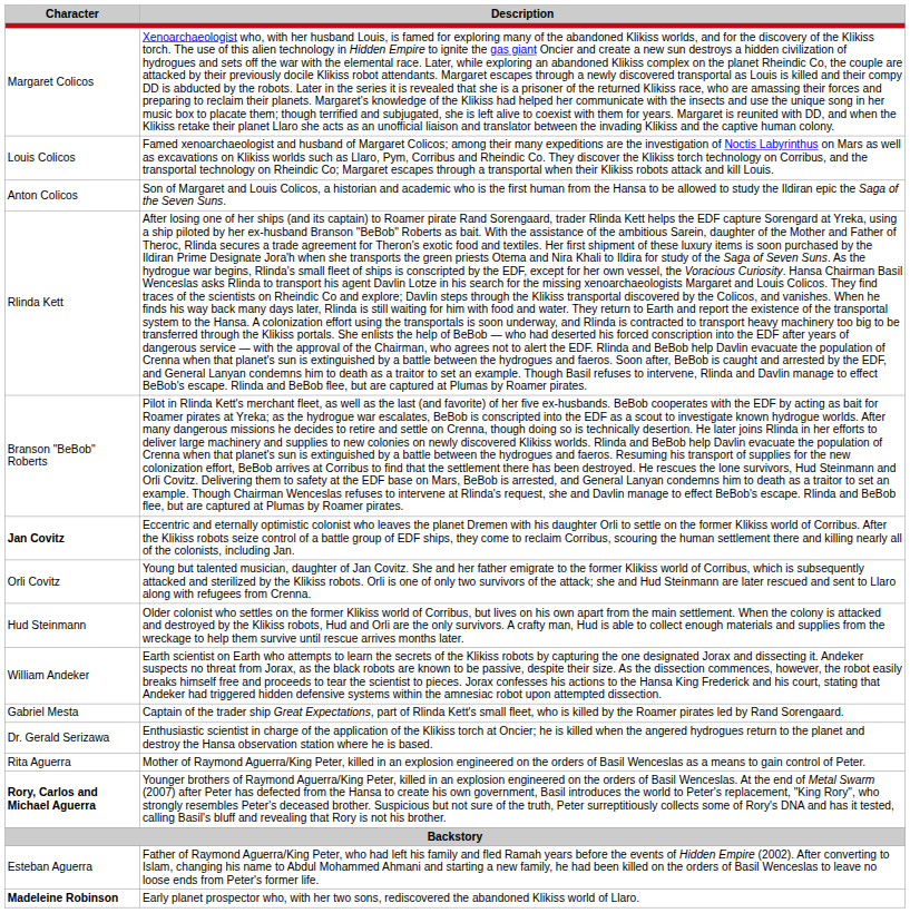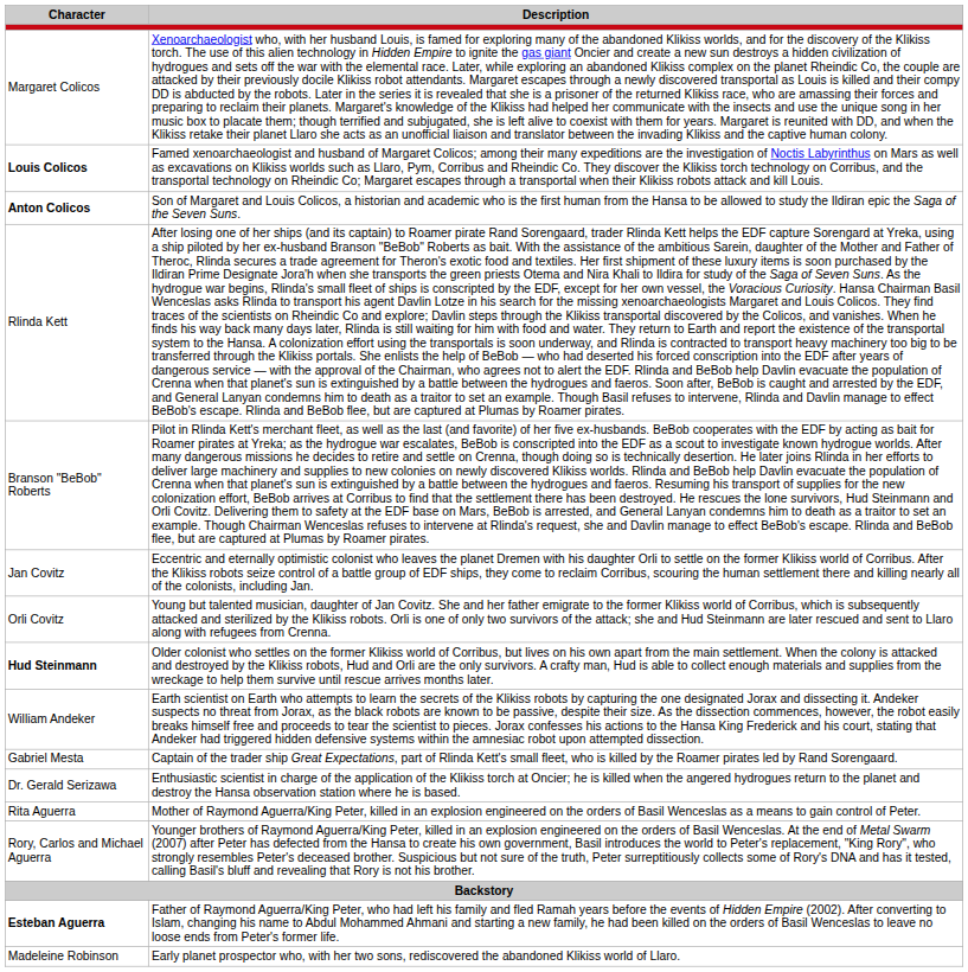 <table class="wikitable" style="width:100%; margin-right:auto; background:#fff;">
 <tr style="color:black">
 <th style="background:#ccc; width:15%;">Character</th>
 <th style="background:#ccc; width:85%;">Description</th>
 </tr>
 <tr>
 <td colspan="3" style="background:#C80815;"></td>
 </tr>
 <tr>
 <td>Margaret Colicos</td>
 <td><a href='#'>Xenoarchaeologist</a> who, with her husband Louis, is famed for exploring many of the abandoned Klikiss worlds, and for the discovery of the Klikiss torch. The use of this alien technology in <em>Hidden Empire</em> to ignite the <a href='#'>gas giant</a> Oncier and create a new sun destroys a hidden civilization of hydrogues and sets off the war with the elemental race. Later, while exploring an abandoned Klikiss complex on the planet Rheindic Co, the couple are attacked by their previously docile Klikiss robot attendants. Margaret escapes through a newly discovered transportal as Louis is killed and their compy DD is abducted by the robots. Later in the series it is revealed that she is a prisoner of the returned Klikiss race, who are amassing their forces and preparing to reclaim their planets. Margaret's knowledge of the Klikiss had helped her communicate with the insects and use the unique song in her music box to placate them; though terrified and subjugated, she is left alive to coexist with them for years. Margaret is reunited with DD, and when the Klikiss retake their planet Llaro she acts as an unofficial liaison and translator between the invading Klikiss and the captive human colony.</td>
 </tr>
 <tr>
-<td>Louis Colicos</td>
+<td><strong>Louis Colicos</strong></td>
 <td>Famed xenoarchaeologist and husband of Margaret Colicos; among their many expeditions are the investigation of <a href='#'>Noctis Labyrinthus</a> on Mars as well as excavations on Klikiss worlds such as Llaro, Pym, Corribus and Rheindic Co. They discover the Klikiss torch technology on Corribus, and the transportal technology on Rheindic Co; Margaret escapes through a transportal when their Klikiss robots attack and kill Louis.</td>
 </tr>
 <tr>
-<td>Anton Colicos</td>
+<td><strong>Anton Colicos</strong></td>
 <td>Son of Margaret and Louis Colicos, a historian and academic who is the first human from the Hansa to be allowed to study the Ildiran epic the <em>Saga of the Seven Suns</em>.</td>
 </tr>
 <tr>
 <td>Rlinda Kett</td>
 <td>After losing one of her ships (and its captain) to Roamer pirate Rand Sorengaard, trader Rlinda Kett helps the EDF capture Sorengard at Yreka, using a ship piloted by her ex-husband Branson "BeBob" Roberts as bait. With the assistance of the ambitious Sarein, daughter of the Mother and Father of Theroc, Rlinda secures a trade agreement for Theron's exotic food and textiles. Her first shipment of these luxury items is soon purchased by the Ildiran Prime Designate Jora'h when she transports the green priests Otema and Nira Khali to Ildira for study of the <em>Saga of Seven Suns</em>. As the hydrogue war begins, Rlinda's small fleet of ships is conscripted by the EDF, except for her own vessel, the <em>Voracious Curiosity</em>. Hansa Chairman Basil Wenceslas asks Rlinda to transport his agent Davlin Lotze in his search for the missing xenoarchaeologists Margaret and Louis Colicos. They find traces of the scientists on Rheindic Co and explore; Davlin steps through the Klikiss transportal discovered by the Colicos, and vanishes. When he finds his way back many days later, Rlinda is still waiting for him with food and water. They return to Earth and report the existence of the transportal system to the Hansa. A colonization effort using the transportals is soon underway, and Rlinda is contracted to transport heavy machinery too big to be transferred through the Klikiss portals. She enlists the help of BeBob — who had deserted his forced conscription into the EDF after years of dangerous service — with the approval of the Chairman, who agrees not to alert the EDF. Rlinda and BeBob help Davlin evacuate the population of Crenna when that planet's sun is extinguished by a battle between the hydrogues and faeros. Soon after, BeBob is caught and arrested by the EDF, and General Lanyan condemns him to death as a traitor to set an example. Though Basil refuses to intervene, Rlinda and Davlin manage to effect BeBob's escape. Rlinda and BeBob flee, but are captured at Plumas by Roamer pirates.</td>
 </tr>
 <tr>
 <td>Branson "BeBob" Roberts</td>
 <td>Pilot in Rlinda Kett's merchant fleet, as well as the last (and favorite) of her five ex-husbands. BeBob cooperates with the EDF by acting as bait for Roamer pirates at Yreka; as the hydrogue war escalates, BeBob is conscripted into the EDF as a scout to investigate known hydrogue worlds. After many dangerous missions he decides to retire and settle on Crenna, though doing so is technically desertion. He later joins Rlinda in her efforts to deliver large machinery and supplies to new colonies on newly discovered Klikiss worlds. Rlinda and BeBob help Davlin evacuate the population of Crenna when that planet's sun is extinguished by a battle between the hydrogues and faeros. Resuming his transport of supplies for the new colonization effort, BeBob arrives at Corribus to find that the settlement there has been destroyed. He rescues the lone survivors, Hud Steinmann and Orli Covitz. Delivering them to safety at the EDF base on Mars, BeBob is arrested, and General Lanyan condemns him to death as a traitor to set an example. Though Chairman Wenceslas refuses to intervene at Rlinda's request, she and Davlin manage to effect BeBob's escape. Rlinda and BeBob flee, but are captured at Plumas by Roamer pirates.</td>
 </tr>
 <tr>
-<td><strong>Jan Covitz</strong></td>
+<td>Jan Covitz</td>
 <td>Eccentric and eternally optimistic colonist who leaves the planet Dremen with his daughter Orli to settle on the former Klikiss world of Corribus. After the Klikiss robots seize control of a battle group of EDF ships, they come to reclaim Corribus, scouring the human settlement there and killing nearly all of the colonists, including Jan.</td>
 </tr>
 <tr>
 <td>Orli Covitz</td>
 <td>Young but talented musician, daughter of Jan Covitz. She and her father emigrate to the former Klikiss world of Corribus, which is subsequently attacked and sterilized by the Klikiss robots. Orli is one of only two survivors of the attack; she and Hud Steinmann are later rescued and sent to Llaro along with refugees from Crenna.</td>
 </tr>
 <tr>
-<td>Hud Steinmann</td>
+<td><strong>Hud Steinmann</strong></td>
 <td>Older colonist who settles on the former Klikiss world of Corribus, but lives on his own apart from the main settlement. When the colony is attacked and destroyed by the Klikiss robots, Hud and Orli are the only survivors. A crafty man, Hud is able to collect enough materials and supplies from the wreckage to help them survive until rescue arrives months later.</td>
 </tr>
 <tr>
 <td>William Andeker</td>
 <td>Earth scientist on Earth who attempts to learn the secrets of the Klikiss robots by capturing the one designated Jorax and dissecting it. Andeker suspects no threat from Jorax, as the black robots are known to be passive, despite their size. As the dissection commences, however, the robot easily breaks himself free and proceeds to tear the scientist to pieces. Jorax confesses his actions to the Hansa King Frederick and his court, stating that Andeker had triggered hidden defensive systems within the amnesiac robot upon attempted dissection.</td>
 </tr>
 <tr>
 <td>Gabriel Mesta</td>
 <td>Captain of the trader ship <em>Great Expectations</em>, part of Rlinda Kett's small fleet, who is killed by the Roamer pirates led by Rand Sorengaard.</td>
 </tr>
 <tr>
 <td>Dr. Gerald Serizawa</td>
 <td>Enthusiastic scientist in charge of the application of the Klikiss torch at Oncier; he is killed when the angered hydrogues return to the planet and destroy the Hansa observation station where he is based.</td>
 </tr>
 <tr>
 <td>Rita Aguerra</td>
 <td>Mother of Raymond Aguerra/King Peter, killed in an explosion engineered on the orders of Basil Wenceslas as a means to gain control of Peter.</td>
 </tr>
 <tr>
-<td><strong>Rory, Carlos and Michael Aguerra</strong></td>
+<td>Rory, Carlos and Michael Aguerra</td>
 <td>Younger brothers of Raymond Aguerra/King Peter, killed in an explosion engineered on the orders of Basil Wenceslas. At the end of <em>Metal Swarm</em> (2007) after Peter has defected from the Hansa to create his own government, Basil introduces the world to Peter's replacement, "King Rory", who strongly resembles Peter's deceased brother. Suspicious but not sure of the truth, Peter surreptitiously collects some of Rory's DNA and has it tested, calling Basil's bluff and revealing that Rory is not his brother.</td>
 </tr>
 <tr>
 <th colspan="3" style="background:#ccc; width:85%;">Backstory</th>
 </tr>
 <tr>
-<td>Esteban Aguerra</td>
+<td><strong>Esteban Aguerra</strong></td>
 <td>Father of Raymond Aguerra/King Peter, who had left his family and fled Ramah years before the events of <em>Hidden Empire</em> (2002). After converting to Islam, changing his name to Abdul Mohammed Ahmani and starting a new family, he had been killed on the orders of Basil Wenceslas to leave no loose ends from Peter's former life.</td>
 </tr>
 <tr>
-<td><strong>Madeleine Robinson</strong></td>
+<td>Madeleine Robinson</td>
 <td>Early planet prospector who, with her two sons, rediscovered the abandoned Klikiss world of Llaro.</td>
 </tr>
 </table>
